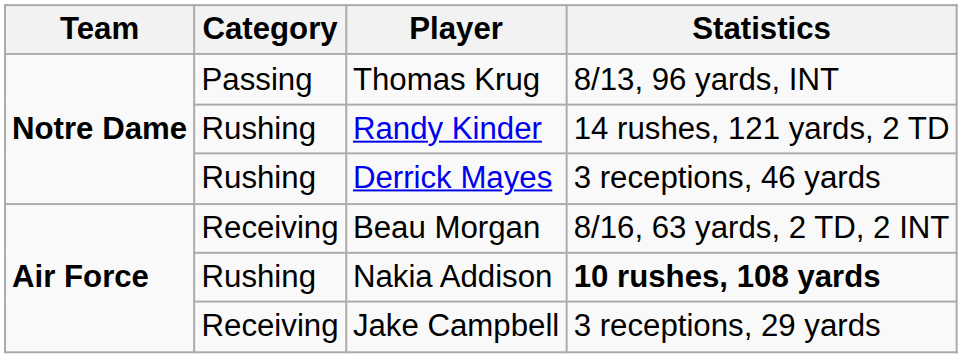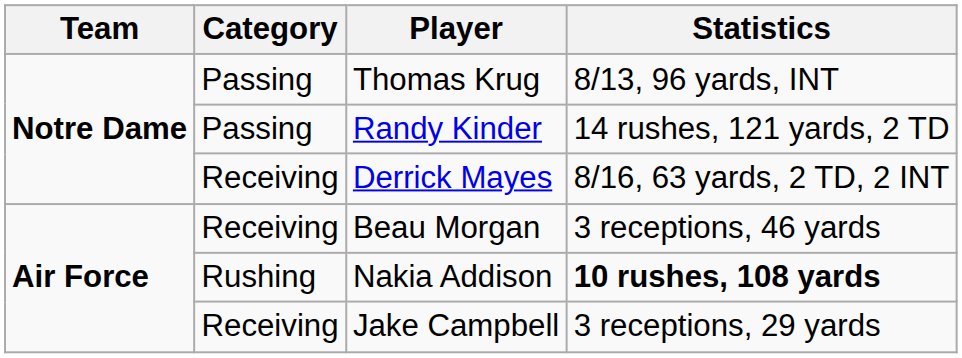 <table class="wikitable" style="float: right;">
 <tr>
 <th>Team</th>
 <th>Category</th>
 <th>Player</th>
 <th>Statistics</th>
 </tr>
 <tr>
 <td rowspan=3><strong>Notre Dame</strong></td>
 <td>Passing</td>
 <td>Thomas Krug</td>
 <td>8/13, 96 yards, INT</td>
 </tr>
 <tr>
-<td>Rushing</td>
+<td>Passing</td>
 <td><a href='#'>Randy Kinder</a></td>
 <td>14 rushes, 121 yards, 2 TD</td>
 </tr>
 <tr>
-<td>Rushing</td>
+<td>Receiving</td>
 <td><a href='#'>Derrick Mayes</a></td>
-<td>3 receptions, 46 yards</td>
+<td>8/16, 63 yards, 2 TD, 2 INT</td>
 </tr>
 <tr>
 <td rowspan=3><strong>Air Force</strong></td>
 <td>Receiving</td>
 <td>Beau Morgan</td>
-<td>8/16, 63 yards, 2 TD, 2 INT</td>
+<td>3 receptions, 46 yards</td>
 </tr>
 <tr>
 <td>Rushing</td>
 <td>Nakia Addison</td>
 <td><strong>10 rushes, 108 yards</strong></td>
 </tr>
 <tr>
 <td>Receiving</td>
 <td>Jake Campbell</td>
 <td>3 receptions, 29 yards</td>
 </tr>
 </table>
